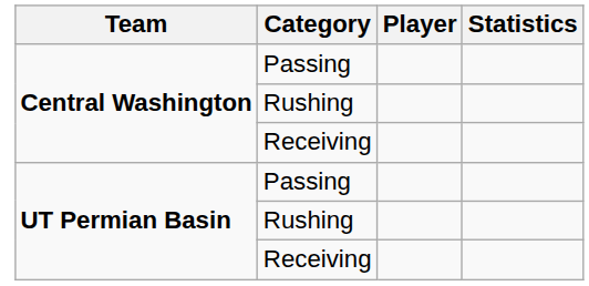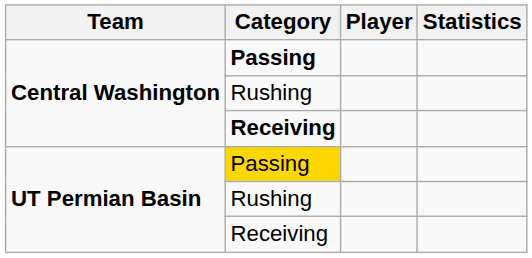 <table class="wikitable" style="float: right;">
 <tr>
 <th>Team</th>
 <th>Category</th>
 <th>Player</th>
 <th>Statistics</th>
 </tr>
 <tr>
 <td rowspan=3><strong>Central Washington</strong></td>
-<td>Passing</td>
+<td><strong>Passing</strong></td>
 <td></td>
 <td></td>
 </tr>
 <tr>
 <td>Rushing</td>
 <td></td>
 <td></td>
 </tr>
 <tr>
-<td>Receiving</td>
+<td><strong>Receiving</strong></td>
 <td></td>
 <td></td>
 </tr>
 <tr>
 <td rowspan=3><strong>UT Permian Basin</strong></td>
-<td>Passing</td>
+<td style="background: gold;">Passing</td>
 <td></td>
 <td></td>
 </tr>
 <tr>
 <td>Rushing</td>
 <td></td>
 <td></td>
 </tr>
 <tr>
 <td>Receiving</td>
 <td></td>
 <td></td>
 </tr>
 </table>
